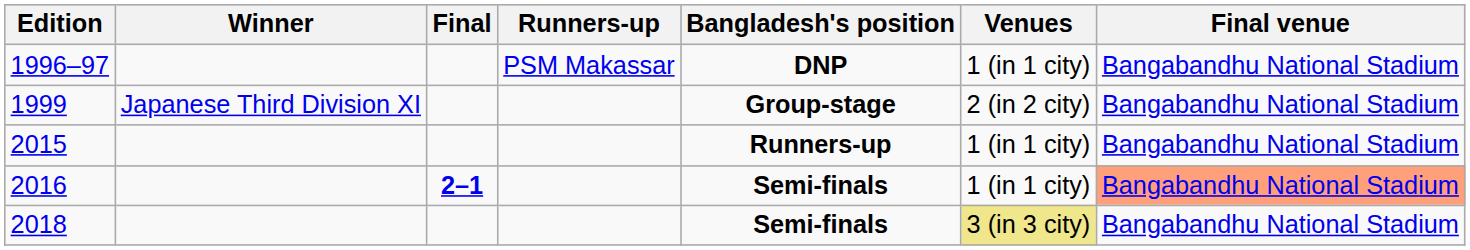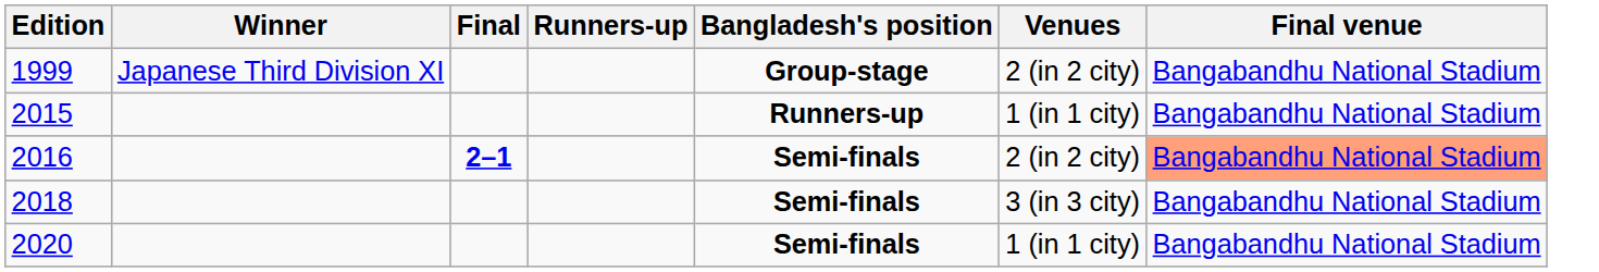 <table class="wikitable">
 <tr>
 <th>Edition</th>
 <th>Winner</th>
 <th>Final</th>
 <th>Runners-up</th>
 <th>Bangladesh's position</th>
 <th>Venues</th>
 <th>Final venue</th>
-</tr>
-<tr>
-<td><a href='#'>1996–97</a></td>
-<td></td>
-<td></td>
-<td> <a href='#'>PSM Makassar</a></td>
-<td style="text-align:center"><strong>DNP</strong></td>
-<td>1 (in 1 city)</td>
-<td><a href='#'>Bangabandhu National Stadium</a></td>
 </tr>
 <tr>
 <td><a href='#'>1999</a></td>
 <td> <a href='#'>Japanese Third Division XI</a></td>
 <td></td>
 <td></td>
 <td align="center"><strong>Group-stage</strong></td>
 <td>2 (in 2 city)</td>
 <td><a href='#'>Bangabandhu National Stadium</a></td>
 </tr>
 <tr>
 <td><a href='#'>2015</a></td>
 <td></td>
 <td></td>
 <td></td>
 <td style="text-align:center"><strong>Runners-up</strong></td>
 <td>1 (in 1 city)</td>
 <td><a href='#'>Bangabandhu National Stadium</a></td>
 </tr>
 <tr>
 <td><a href='#'>2016</a></td>
 <td></td>
 <td style="text-align:center"><a href='#'><strong>2–1</strong></a></td>
 <td></td>
 <td style="text-align:center"><strong>Semi-finals</strong></td>
-<td>1 (in 1 city)</td>
+<td>2 (in 2 city)</td>
 <td style="background: lightsalmon;"><a href='#'>Bangabandhu National Stadium</a></td>
 </tr>
 <tr>
 <td><a href='#'>2018</a></td>
 <td></td>
 <td> </td>
 <td></td>
 <td style="text-align:center"><strong>Semi-finals</strong></td>
-<td style="background: khaki;">3 (in 3 city)</td>
+<td>3 (in 3 city)</td>
+<td><a href='#'>Bangabandhu National Stadium</a></td>
+</tr>
+<tr>
+<td><a href='#'>2020</a></td>
+<td></td>
+<td></td>
+<td></td>
+<td style="text-align:center"><strong>Semi-finals</strong></td>
+<td>1 (in 1 city)</td>
 <td><a href='#'>Bangabandhu National Stadium</a></td>
 </tr>
 </table>
